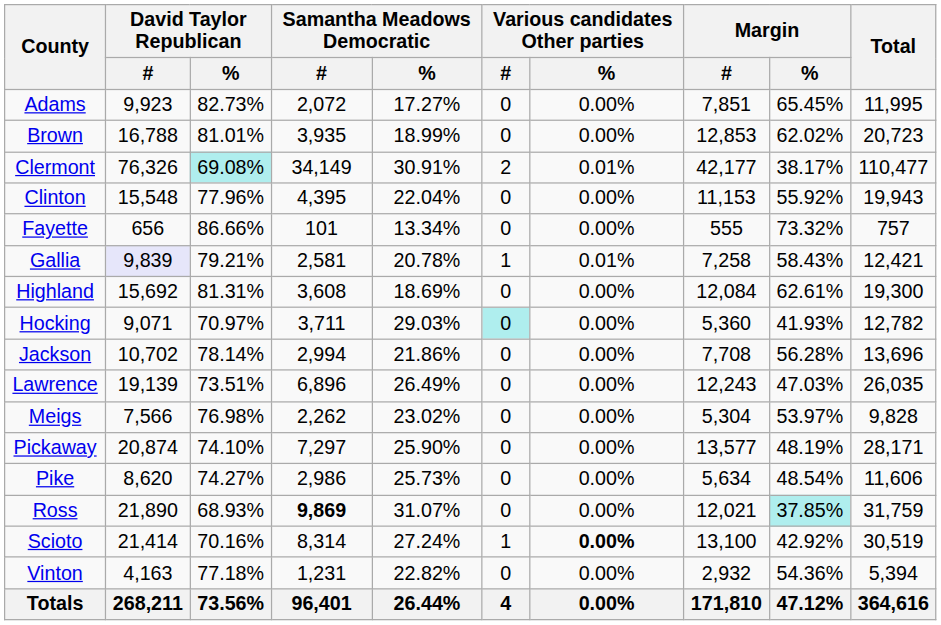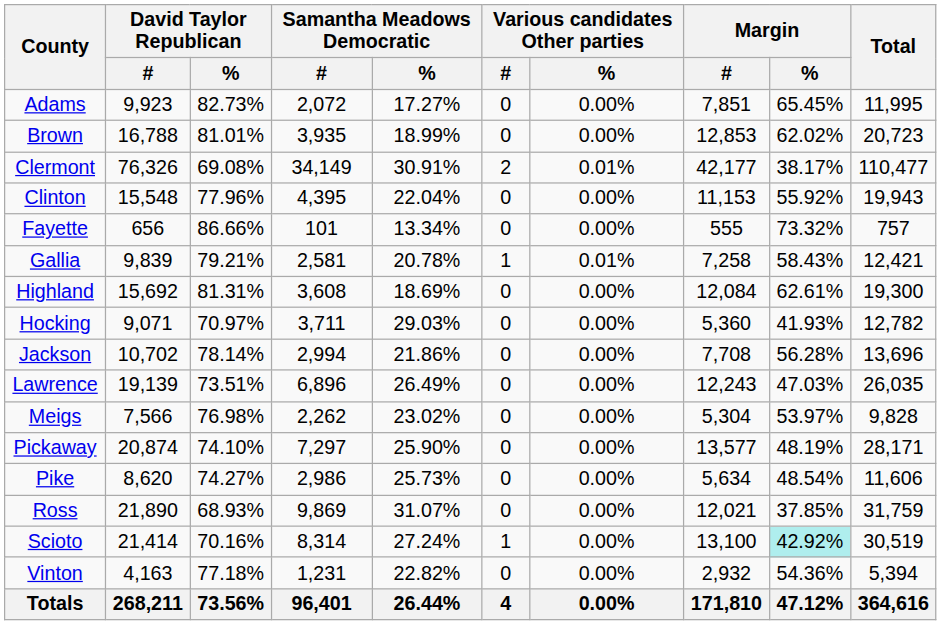 <table width="60%" class="wikitable sortable">
 <tr>
 <th rowspan="2">County</th>
 <th colspan="2">David Taylor<br>Republican</th>
 <th colspan="2">Samantha Meadows<br>Democratic</th>
 <th colspan="2">Various candidates<br>Other parties</th>
 <th colspan="2">Margin</th>
 <th rowspan="2">Total</th>
 </tr>
 <tr>
 <th style="text-align:center;" data-sort-type="number">#</th>
 <th style="text-align:center;" data-sort-type="number">%</th>
 <th style="text-align:center;" data-sort-type="number">#</th>
 <th style="text-align:center;" data-sort-type="number">%</th>
 <th style="text-align:center;" data-sort-type="number">#</th>
 <th style="text-align:center;" data-sort-type="number">%</th>
 <th style="text-align:center;" data-sort-type="number">#</th>
 <th style="text-align:center;" data-sort-type="number">%</th>
 </tr>
 <tr style="text-align:center;">
 <td><a href='#'>Adams</a></td>
 <td>9,923</td>
 <td>82.73%</td>
 <td>2,072</td>
 <td>17.27%</td>
 <td>0</td>
 <td>0.00%</td>
 <td>7,851</td>
 <td>65.45%</td>
 <td>11,995</td>
 </tr>
 <tr style="text-align:center;">
 <td><a href='#'>Brown</a></td>
 <td>16,788</td>
 <td>81.01%</td>
 <td>3,935</td>
 <td>18.99%</td>
 <td>0</td>
 <td>0.00%</td>
 <td>12,853</td>
 <td>62.02%</td>
 <td>20,723</td>
 </tr>
 <tr style="text-align:center;">
 <td><a href='#'>Clermont</a></td>
 <td>76,326</td>
-<td style="background: paleturquoise;">69.08%</td>
+<td>69.08%</td>
 <td>34,149</td>
 <td>30.91%</td>
 <td>2</td>
 <td>0.01%</td>
 <td>42,177</td>
 <td>38.17%</td>
 <td>110,477</td>
 </tr>
 <tr style="text-align:center;">
 <td><a href='#'>Clinton</a></td>
 <td>15,548</td>
 <td>77.96%</td>
 <td>4,395</td>
 <td>22.04%</td>
 <td>0</td>
 <td>0.00%</td>
 <td>11,153</td>
 <td>55.92%</td>
 <td>19,943</td>
 </tr>
 <tr style="text-align:center;">
 <td><a href='#'>Fayette</a></td>
 <td>656</td>
 <td>86.66%</td>
 <td>101</td>
 <td>13.34%</td>
 <td>0</td>
 <td>0.00%</td>
 <td>555</td>
 <td>73.32%</td>
 <td>757</td>
 </tr>
 <tr style="text-align:center;">
 <td><a href='#'>Gallia</a></td>
-<td style="background: lavender;">9,839</td>
+<td>9,839</td>
 <td>79.21%</td>
 <td>2,581</td>
 <td>20.78%</td>
 <td>1</td>
 <td>0.01%</td>
 <td>7,258</td>
 <td>58.43%</td>
 <td>12,421</td>
 </tr>
 <tr style="text-align:center;">
 <td><a href='#'>Highland</a></td>
 <td>15,692</td>
 <td>81.31%</td>
 <td>3,608</td>
 <td>18.69%</td>
 <td>0</td>
 <td>0.00%</td>
 <td>12,084</td>
 <td>62.61%</td>
 <td>19,300</td>
 </tr>
 <tr style="text-align:center;">
 <td><a href='#'>Hocking</a></td>
 <td>9,071</td>
 <td>70.97%</td>
 <td>3,711</td>
 <td>29.03%</td>
-<td style="background: paleturquoise;">0</td>
+<td>0</td>
 <td>0.00%</td>
 <td>5,360</td>
 <td>41.93%</td>
 <td>12,782</td>
 </tr>
 <tr style="text-align:center;">
 <td><a href='#'>Jackson</a></td>
 <td>10,702</td>
 <td>78.14%</td>
 <td>2,994</td>
 <td>21.86%</td>
 <td>0</td>
 <td>0.00%</td>
 <td>7,708</td>
 <td>56.28%</td>
 <td>13,696</td>
 </tr>
 <tr style="text-align:center;">
 <td><a href='#'>Lawrence</a></td>
 <td>19,139</td>
 <td>73.51%</td>
 <td>6,896</td>
 <td>26.49%</td>
 <td>0</td>
 <td>0.00%</td>
 <td>12,243</td>
 <td>47.03%</td>
 <td>26,035</td>
 </tr>
 <tr style="text-align:center;">
 <td><a href='#'>Meigs</a></td>
 <td>7,566</td>
 <td>76.98%</td>
 <td>2,262</td>
 <td>23.02%</td>
 <td>0</td>
 <td>0.00%</td>
 <td>5,304</td>
 <td>53.97%</td>
 <td>9,828</td>
 </tr>
 <tr style="text-align:center;">
 <td><a href='#'>Pickaway</a></td>
 <td>20,874</td>
 <td>74.10%</td>
 <td>7,297</td>
 <td>25.90%</td>
 <td>0</td>
 <td>0.00%</td>
 <td>13,577</td>
 <td>48.19%</td>
 <td>28,171</td>
 </tr>
 <tr style="text-align:center;">
 <td><a href='#'>Pike</a></td>
 <td>8,620</td>
 <td>74.27%</td>
 <td>2,986</td>
 <td>25.73%</td>
 <td>0</td>
 <td>0.00%</td>
 <td>5,634</td>
 <td>48.54%</td>
 <td>11,606</td>
 </tr>
 <tr style="text-align:center;">
 <td><a href='#'>Ross</a></td>
 <td>21,890</td>
 <td>68.93%</td>
-<td><strong>9,869</strong></td>
+<td>9,869</td>
 <td>31.07%</td>
 <td>0</td>
 <td>0.00%</td>
 <td>12,021</td>
-<td style="background: paleturquoise;">37.85%</td>
+<td>37.85%</td>
 <td>31,759</td>
 </tr>
 <tr style="text-align:center;">
 <td><a href='#'>Scioto</a></td>
 <td>21,414</td>
 <td>70.16%</td>
 <td>8,314</td>
 <td>27.24%</td>
 <td>1</td>
-<td><strong>0.00%</strong></td>
+<td>0.00%</td>
 <td>13,100</td>
-<td>42.92%</td>
+<td style="background: paleturquoise;">42.92%</td>
 <td>30,519</td>
 </tr>
 <tr style="text-align:center;">
 <td><a href='#'>Vinton</a></td>
 <td>4,163</td>
 <td>77.18%</td>
 <td>1,231</td>
 <td>22.82%</td>
 <td>0</td>
 <td>0.00%</td>
 <td>2,932</td>
 <td>54.36%</td>
 <td>5,394</td>
 </tr>
 <tr style="text-align:center;">
 <th>Totals</th>
 <th>268,211</th>
 <th>73.56%</th>
 <th>96,401</th>
 <th>26.44%</th>
 <th>4</th>
 <th>0.00%</th>
 <th>171,810</th>
 <th>47.12%</th>
 <th>364,616</th>
 </tr>
 </table>
